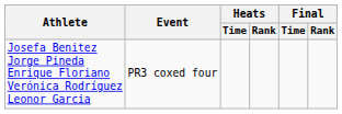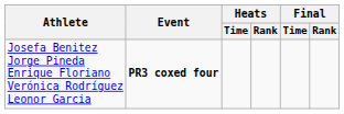 <table class="wikitable" style="font-size:90%">
 <tr>
 <th rowspan="2">Athlete</th>
 <th rowspan="2">Event</th>
 <th colspan="2">Heats</th>
 <th colspan="2">Final</th>
 </tr>
 <tr style="font-size:95%">
 <th>Time</th>
 <th>Rank</th>
 <th>Time</th>
 <th>Rank</th>
 </tr>
 <tr>
 <td align=left><a href='#'>Josefa Benitez</a><br><a href='#'>Jorge Pineda</a><br><a href='#'>Enrique Floriano</a><br><a href='#'>Verónica Rodríguez</a><br><a href='#'>Leonor Garcia</a></td>
-<td align=left>PR3 coxed four</td>
+<td align=left><strong>PR3 coxed four</strong></td>
 <td></td>
 <td></td>
 <td></td>
 <td></td>
 </tr>
 </table>
